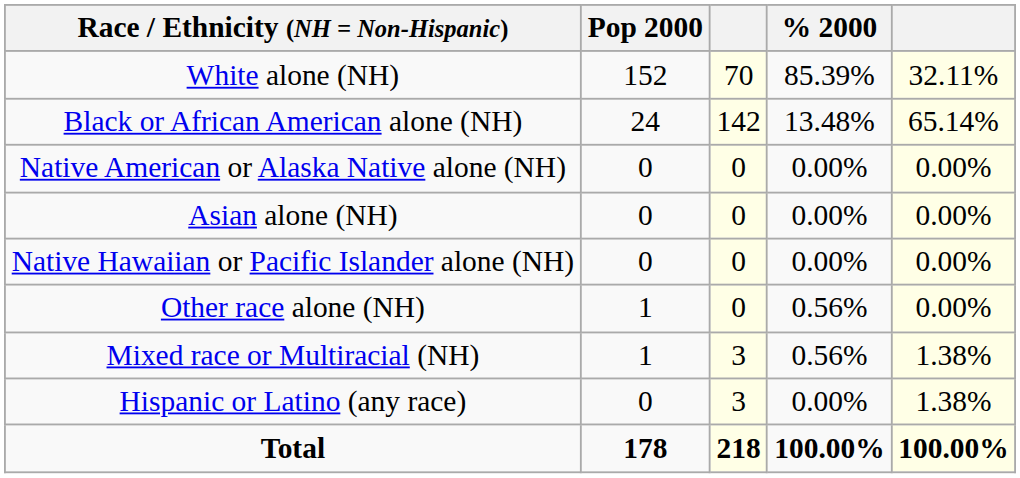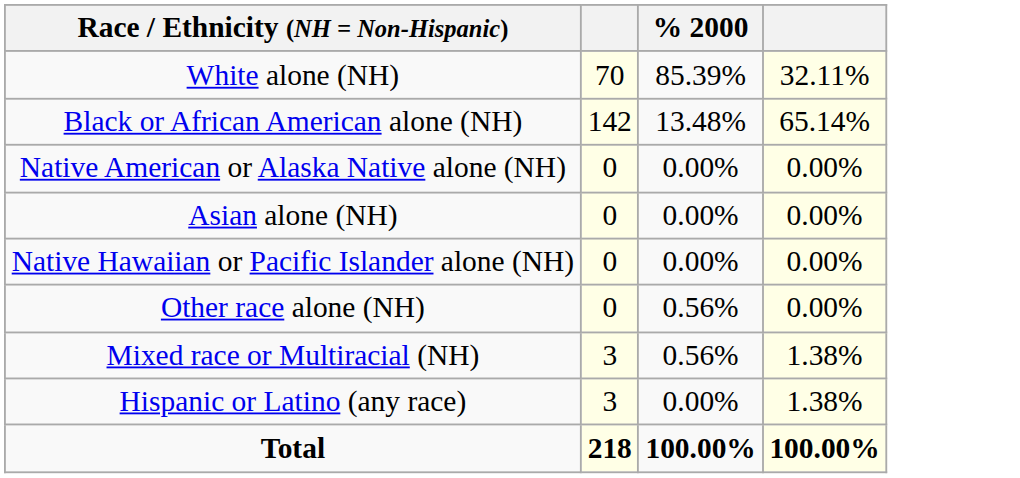 <table class="wikitable"  style="text-align:center;">
 <tr>
 <th>Race / Ethnicity <small>(<em>NH = Non-Hispanic</em>)</small></th>
-<th>Pop 2000</th>
 <th></th>
 <th>% 2000</th>
 <th></th>
 </tr>
 <tr>
 <td><a href='#'>White</a> alone (NH)</td>
-<td>152</td>
 <td style='background: #ffffe6;'>70</td>
 <td>85.39%</td>
 <td style='background: #ffffe6;'>32.11%</td>
 </tr>
 <tr>
 <td><a href='#'>Black or African American</a> alone (NH)</td>
-<td>24</td>
 <td style='background: #ffffe6;'>142</td>
 <td>13.48%</td>
 <td style='background: #ffffe6;'>65.14%</td>
 </tr>
 <tr>
 <td><a href='#'>Native American</a> or <a href='#'>Alaska Native</a> alone (NH)</td>
-<td>0</td>
 <td style='background: #ffffe6;'>0</td>
 <td>0.00%</td>
 <td style='background: #ffffe6;'>0.00%</td>
 </tr>
 <tr>
 <td><a href='#'>Asian</a> alone (NH)</td>
-<td>0</td>
 <td style='background: #ffffe6;'>0</td>
 <td>0.00%</td>
 <td style='background: #ffffe6;'>0.00%</td>
 </tr>
 <tr>
 <td><a href='#'>Native Hawaiian</a> or <a href='#'>Pacific Islander</a> alone (NH)</td>
-<td>0</td>
 <td style='background: #ffffe6;'>0</td>
 <td>0.00%</td>
 <td style='background: #ffffe6;'>0.00%</td>
 </tr>
 <tr>
 <td><a href='#'>Other race</a> alone (NH)</td>
-<td>1</td>
 <td style='background: #ffffe6;'>0</td>
 <td>0.56%</td>
 <td style='background: #ffffe6;'>0.00%</td>
 </tr>
 <tr>
 <td><a href='#'>Mixed race or Multiracial</a> (NH)</td>
-<td>1</td>
 <td style='background: #ffffe6;'>3</td>
 <td>0.56%</td>
 <td style='background: #ffffe6;'>1.38%</td>
 </tr>
 <tr>
 <td><a href='#'>Hispanic or Latino</a> (any race)</td>
-<td>0</td>
 <td style='background: #ffffe6;'>3</td>
 <td>0.00%</td>
 <td style='background: #ffffe6;'>1.38%</td>
 </tr>
 <tr>
 <td><strong>Total</strong></td>
-<td><strong>178</strong></td>
 <td style='background: #ffffe6;'><strong>218</strong></td>
 <td><strong>100.00%</strong></td>
 <td style='background: #ffffe6;'><strong>100.00%</strong></td>
 </tr>
 </table>
